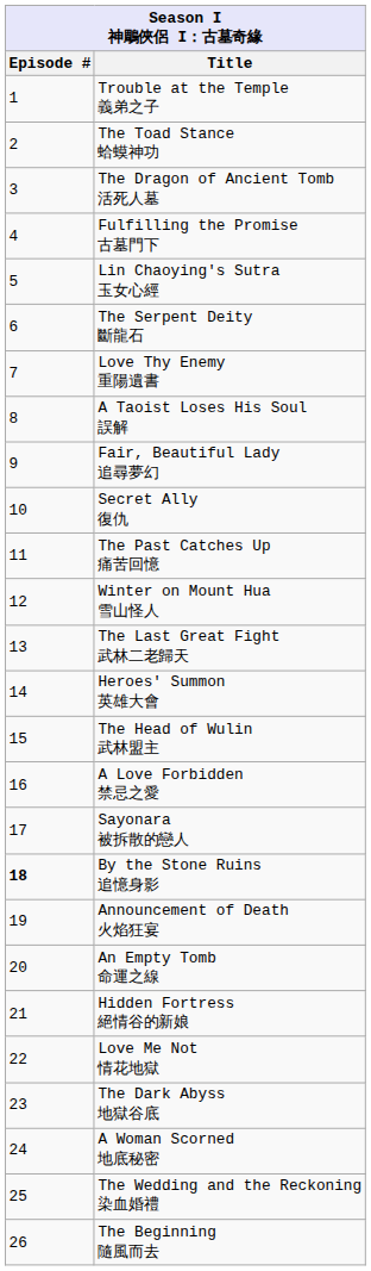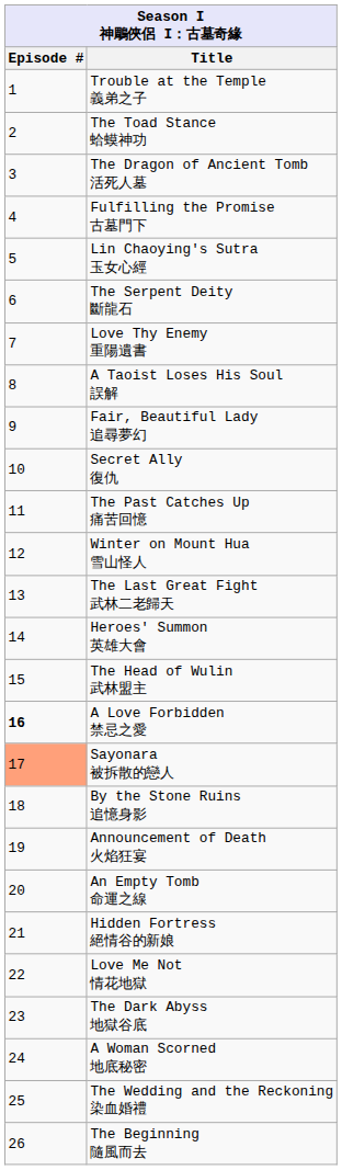 <table class="wikitable">
 <tr>
 <td colspan="2" style="background:lavender; text-align:center;"><strong>Season I<br>神鵰俠侶 I：古墓奇緣</strong></td>
 </tr>
 <tr>
 <th>Episode #</th>
 <th>Title</th>
 </tr>
 <tr>
 <td>1</td>
 <td>Trouble at the Temple<br>義弟之子</td>
 </tr>
 <tr>
 <td>2</td>
 <td>The Toad Stance<br>蛤蟆神功</td>
 </tr>
 <tr>
 <td>3</td>
 <td>The Dragon of Ancient Tomb<br>活死人墓</td>
 </tr>
 <tr>
 <td>4</td>
 <td>Fulfilling the Promise<br>古墓門下</td>
 </tr>
 <tr>
 <td>5</td>
 <td>Lin Chaoying's Sutra<br>玉女心經</td>
 </tr>
 <tr>
 <td>6</td>
 <td>The Serpent Deity<br>斷龍石</td>
 </tr>
 <tr>
 <td>7</td>
 <td>Love Thy Enemy<br>重陽遺書</td>
 </tr>
 <tr>
 <td>8</td>
 <td>A Taoist Loses His Soul<br>誤解</td>
 </tr>
 <tr>
 <td>9</td>
 <td>Fair, Beautiful Lady<br>追尋夢幻</td>
 </tr>
 <tr>
 <td>10</td>
 <td>Secret Ally<br>復仇</td>
 </tr>
 <tr>
 <td>11</td>
 <td>The Past Catches Up<br>痛苦回憶</td>
 </tr>
 <tr>
 <td>12</td>
 <td>Winter on Mount Hua<br>雪山怪人</td>
 </tr>
 <tr>
 <td>13</td>
 <td>The Last Great Fight<br>武林二老歸天</td>
 </tr>
 <tr>
 <td>14</td>
 <td>Heroes' Summon<br>英雄大會</td>
 </tr>
 <tr>
 <td>15</td>
 <td>The Head of Wulin<br>武林盟主</td>
 </tr>
 <tr>
-<td>16</td>
+<td><strong>16</strong></td>
 <td>A Love Forbidden<br>禁忌之愛</td>
 </tr>
 <tr>
-<td>17</td>
+<td style="background: lightsalmon;">17</td>
 <td>Sayonara<br>被拆散的戀人</td>
 </tr>
 <tr>
-<td><strong>18</strong></td>
+<td>18</td>
 <td>By the Stone Ruins<br>追憶身影</td>
 </tr>
 <tr>
 <td>19</td>
 <td>Announcement of Death<br>火焰狂宴</td>
 </tr>
 <tr>
 <td>20</td>
 <td>An Empty Tomb<br>命運之線</td>
 </tr>
 <tr>
 <td>21</td>
 <td>Hidden Fortress<br>絕情谷的新娘</td>
 </tr>
 <tr>
 <td>22</td>
 <td>Love Me Not<br>情花地獄</td>
 </tr>
 <tr>
 <td>23</td>
 <td>The Dark Abyss<br>地獄谷底</td>
 </tr>
 <tr>
 <td>24</td>
 <td>A Woman Scorned<br>地底秘密</td>
 </tr>
 <tr>
 <td>25</td>
 <td>The Wedding and the Reckoning<br>染血婚禮</td>
 </tr>
 <tr>
 <td>26</td>
 <td>The Beginning<br>隨風而去</td>
 </tr>
 </table>
